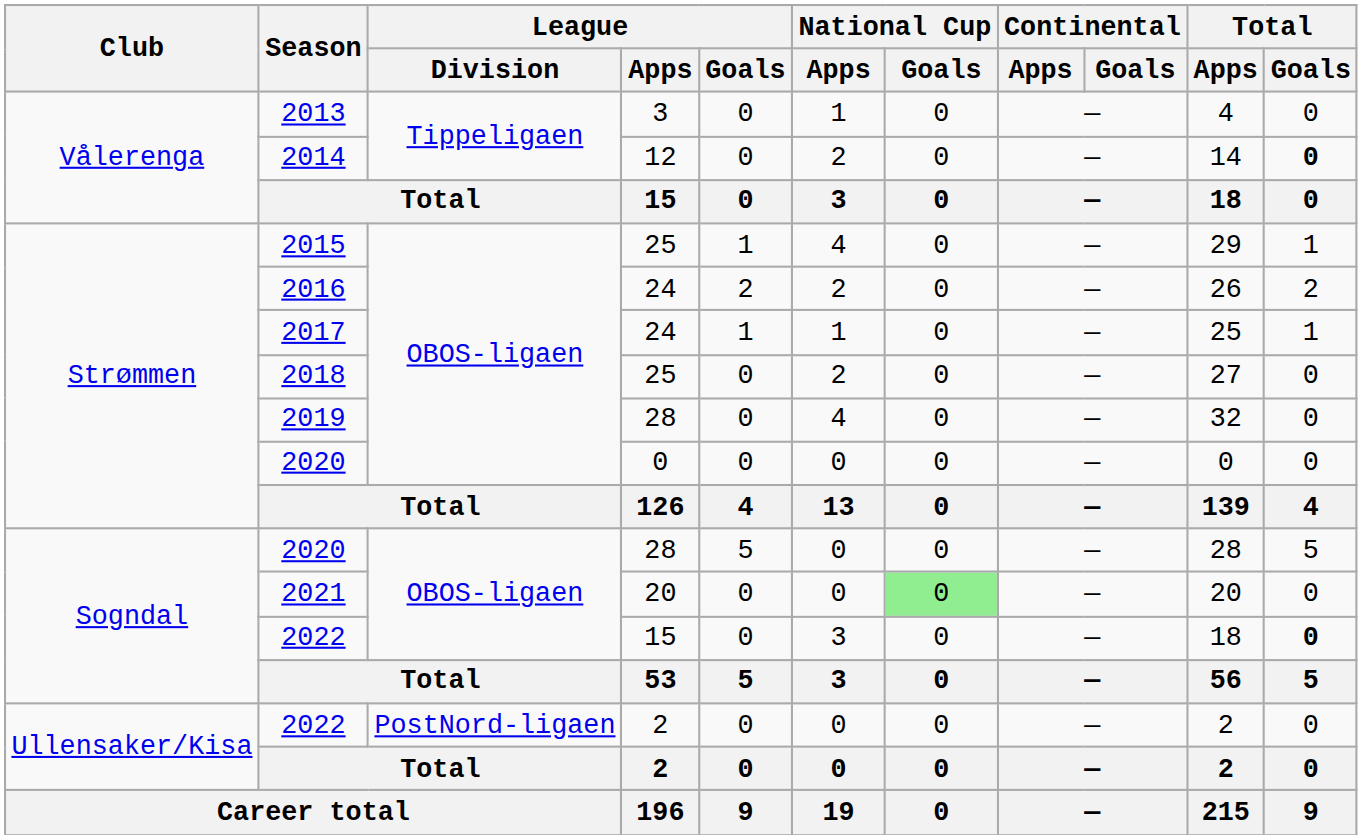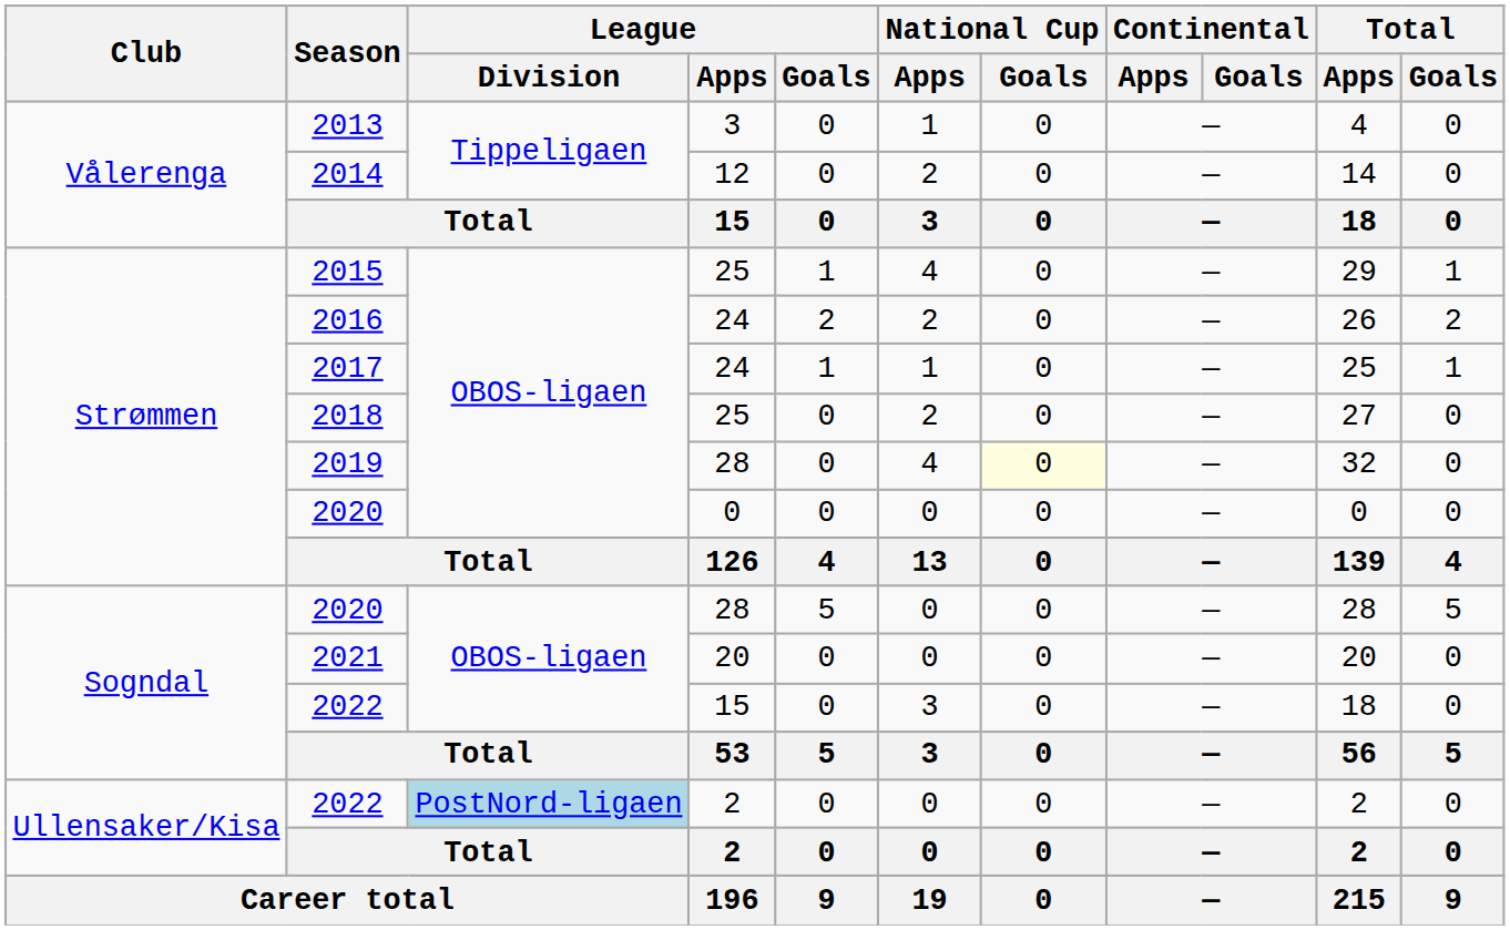 <table class="wikitable" style="text-align: center;">
 <tr>
 <th rowspan="2">Club</th>
 <th rowspan="2">Season</th>
 <th colspan="3">League</th>
 <th colspan="2">National Cup</th>
 <th colspan="2">Continental</th>
 <th colspan="2">Total</th>
 </tr>
 <tr>
 <th>Division</th>
 <th>Apps</th>
 <th>Goals</th>
 <th>Apps</th>
 <th>Goals</th>
 <th>Apps</th>
 <th>Goals</th>
 <th>Apps</th>
 <th>Goals</th>
 </tr>
 <tr>
 <td rowspan="3"><a href='#'>Vålerenga</a></td>
 <td><a href='#'>2013</a></td>
 <td rowspan="2"><a href='#'>Tippeligaen</a></td>
 <td>3</td>
 <td>0</td>
 <td>1</td>
 <td>0</td>
 <td colspan="2">—</td>
 <td>4</td>
 <td>0</td>
 </tr>
 <tr>
 <td><a href='#'>2014</a></td>
 <td>12</td>
 <td>0</td>
 <td>2</td>
 <td>0</td>
 <td colspan="2">—</td>
 <td>14</td>
-<td><strong>0</strong></td>
+<td>0</td>
 </tr>
 <tr>
 <th colspan="2">Total</th>
 <th>15</th>
 <th>0</th>
 <th>3</th>
 <th>0</th>
 <th colspan="2">—</th>
 <th>18</th>
 <th>0</th>
 </tr>
 <tr>
 <td rowspan="7"><a href='#'>Strømmen</a></td>
 <td><a href='#'>2015</a></td>
 <td rowspan="6"><a href='#'>OBOS-ligaen</a></td>
 <td>25</td>
 <td>1</td>
 <td>4</td>
 <td>0</td>
 <td colspan="2">—</td>
 <td>29</td>
 <td>1</td>
 </tr>
 <tr>
 <td><a href='#'>2016</a></td>
 <td>24</td>
 <td>2</td>
 <td>2</td>
 <td>0</td>
 <td colspan="2">—</td>
 <td>26</td>
 <td>2</td>
 </tr>
 <tr>
 <td><a href='#'>2017</a></td>
 <td>24</td>
 <td>1</td>
 <td>1</td>
 <td>0</td>
 <td colspan="2">—</td>
 <td>25</td>
 <td>1</td>
 </tr>
 <tr>
 <td><a href='#'>2018</a></td>
 <td>25</td>
 <td>0</td>
 <td>2</td>
 <td>0</td>
 <td colspan="2">—</td>
 <td>27</td>
 <td>0</td>
 </tr>
 <tr>
 <td><a href='#'>2019</a></td>
 <td>28</td>
 <td>0</td>
 <td>4</td>
-<td>0</td>
+<td style="background: lightyellow;">0</td>
 <td colspan="2">—</td>
 <td>32</td>
 <td>0</td>
 </tr>
 <tr>
 <td><a href='#'>2020</a></td>
 <td>0</td>
 <td>0</td>
 <td>0</td>
 <td>0</td>
 <td colspan="2">—</td>
 <td>0</td>
 <td>0</td>
 </tr>
 <tr>
 <th colspan="2">Total</th>
 <th>126</th>
 <th>4</th>
 <th>13</th>
 <th>0</th>
 <th colspan="2">—</th>
 <th>139</th>
 <th>4</th>
 </tr>
 <tr>
 <td rowspan="4"><a href='#'>Sogndal</a></td>
 <td><a href='#'>2020</a></td>
 <td rowspan="3"><a href='#'>OBOS-ligaen</a></td>
 <td>28</td>
 <td>5</td>
 <td>0</td>
 <td>0</td>
 <td colspan="2">—</td>
 <td>28</td>
 <td>5</td>
 </tr>
 <tr>
 <td><a href='#'>2021</a></td>
 <td>20</td>
 <td>0</td>
 <td>0</td>
-<td style="background: lightgreen;">0</td>
+<td>0</td>
 <td colspan="2">—</td>
 <td>20</td>
 <td>0</td>
 </tr>
 <tr>
 <td><a href='#'>2022</a></td>
 <td>15</td>
 <td>0</td>
 <td>3</td>
 <td>0</td>
 <td colspan="2">—</td>
 <td>18</td>
-<td><strong>0</strong></td>
+<td>0</td>
 </tr>
 <tr>
 <th colspan="2">Total</th>
 <th>53</th>
 <th>5</th>
 <th>3</th>
 <th>0</th>
 <th colspan="2">—</th>
 <th>56</th>
 <th>5</th>
 </tr>
 <tr>
 <td rowspan="2"><a href='#'>Ullensaker/Kisa</a></td>
 <td><a href='#'>2022</a></td>
-<td rowspan="1"><a href='#'>PostNord-ligaen</a></td>
+<td rowspan="1" style="background: lightblue;"><a href='#'>PostNord-ligaen</a></td>
 <td>2</td>
 <td>0</td>
 <td>0</td>
 <td>0</td>
 <td colspan="2">—</td>
 <td>2</td>
 <td>0</td>
 </tr>
 <tr>
 <th colspan="2">Total</th>
 <th>2</th>
 <th>0</th>
 <th>0</th>
 <th>0</th>
 <th colspan="2">—</th>
 <th>2</th>
 <th>0</th>
 </tr>
 <tr>
 <th colspan="3">Career total</th>
 <th>196</th>
 <th>9</th>
 <th>19</th>
 <th>0</th>
 <th colspan="2">—</th>
 <th>215</th>
 <th>9</th>
 </tr>
 </table>
